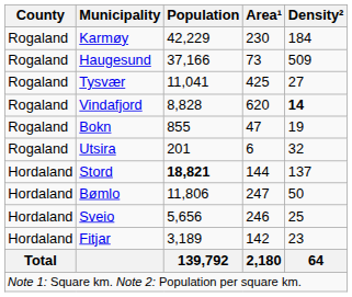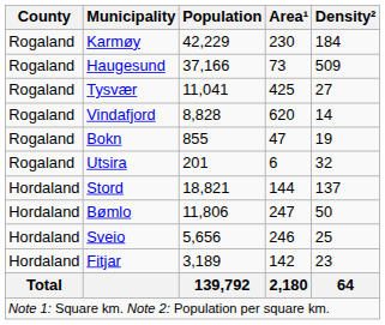 <table class="wikitable sortable">
 <tr>
 <th>County</th>
 <th>Municipality</th>
 <th>Population</th>
 <th>Area¹</th>
 <th>Density²</th>
 </tr>
 <tr>
 <td>Rogaland</td>
 <td><a href='#'>Karmøy</a></td>
 <td>42,229</td>
 <td>230</td>
 <td>184</td>
 </tr>
 <tr>
 <td>Rogaland</td>
 <td><a href='#'>Haugesund</a></td>
 <td>37,166</td>
 <td>73</td>
 <td>509</td>
 </tr>
 <tr>
 <td>Rogaland</td>
 <td><a href='#'>Tysvær</a></td>
 <td>11,041</td>
 <td>425</td>
 <td>27</td>
 </tr>
 <tr>
 <td>Rogaland</td>
 <td><a href='#'>Vindafjord</a></td>
 <td>8,828</td>
 <td>620</td>
-<td><strong>14</strong></td>
+<td>14</td>
 </tr>
 <tr>
 <td>Rogaland</td>
 <td><a href='#'>Bokn</a></td>
 <td>855</td>
 <td>47</td>
 <td>19</td>
 </tr>
 <tr>
 <td>Rogaland</td>
 <td><a href='#'>Utsira</a></td>
 <td>201</td>
 <td>6</td>
 <td>32</td>
 </tr>
 <tr>
 <td>Hordaland</td>
 <td><a href='#'>Stord</a></td>
-<td><strong>18,821</strong></td>
+<td>18,821</td>
 <td>144</td>
 <td>137</td>
 </tr>
 <tr>
 <td>Hordaland</td>
 <td><a href='#'>Bømlo</a></td>
 <td>11,806</td>
 <td>247</td>
 <td>50</td>
 </tr>
 <tr>
 <td>Hordaland</td>
 <td><a href='#'>Sveio</a></td>
 <td>5,656</td>
 <td>246</td>
 <td>25</td>
 </tr>
 <tr>
 <td>Hordaland</td>
 <td><a href='#'>Fitjar</a></td>
 <td>3,189</td>
 <td>142</td>
 <td>23</td>
 </tr>
 <tr class="sortbottom">
 <th>Total</th>
 <th></th>
 <th>139,792</th>
 <th>2,180</th>
 <th>64</th>
 </tr>
 <tr class="sortbottom">
 <td style="font-size: 87%;" colspan="5"><em>Note 1:</em> Square km.  <em>Note 2:</em> Population per square km.</td>
 </tr>
 </table>
